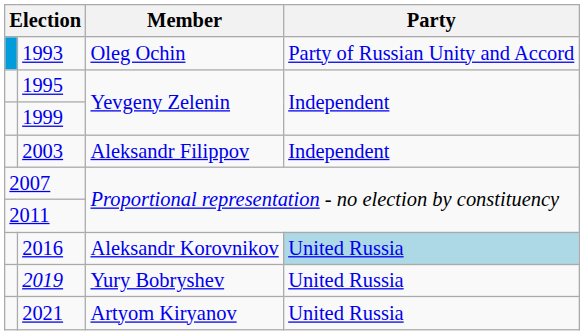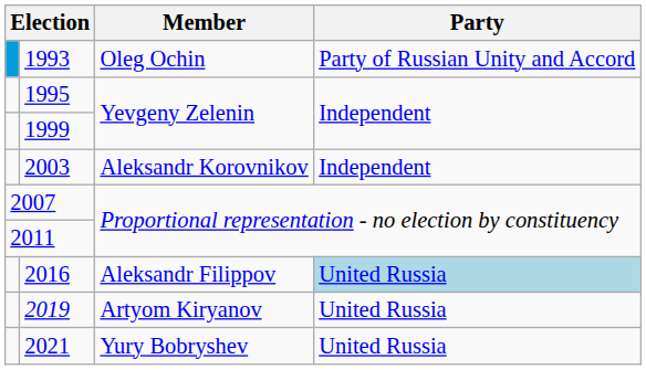 <table class="wikitable">
 <tr>
 <th colspan="2">Election</th>
 <th>Member</th>
 <th>Party</th>
 </tr>
 <tr>
 <td style="background-color:#019CDC"></td>
 <td><a href='#'>1993</a></td>
 <td><a href='#'>Oleg Ochin</a></td>
 <td><a href='#'>Party of Russian Unity and Accord</a></td>
 </tr>
 <tr>
 <td style="background-color:"></td>
 <td><a href='#'>1995</a></td>
 <td rowspan=2><a href='#'>Yevgeny Zelenin</a></td>
 <td rowspan=2><a href='#'>Independent</a></td>
 </tr>
 <tr>
 <td style="background-color:"></td>
 <td><a href='#'>1999</a></td>
 </tr>
 <tr>
 <td style="background-color:"></td>
 <td><a href='#'>2003</a></td>
-<td><a href='#'>Aleksandr Filippov</a></td>
+<td><a href='#'>Aleksandr Korovnikov</a></td>
 <td><a href='#'>Independent</a></td>
 </tr>
 <tr>
 <td colspan=2><a href='#'>2007</a></td>
 <td colspan=2 rowspan=2><em><a href='#'>Proportional representation</a> - no election by constituency</em></td>
 </tr>
 <tr>
 <td colspan=2><a href='#'>2011</a></td>
 </tr>
 <tr>
 <td style="background-color: "></td>
 <td><a href='#'>2016</a></td>
-<td><a href='#'>Aleksandr Korovnikov</a></td>
+<td><a href='#'>Aleksandr Filippov</a></td>
 <td style="background: lightblue;"><a href='#'>United Russia</a></td>
 </tr>
 <tr>
 <td style="background-color: "></td>
 <td><em><a href='#'>2019</a></em></td>
-<td><a href='#'>Yury Bobryshev</a></td>
+<td><a href='#'>Artyom Kiryanov</a></td>
 <td><a href='#'>United Russia</a></td>
 </tr>
 <tr>
 <td style="background-color: "></td>
 <td><a href='#'>2021</a></td>
-<td><a href='#'>Artyom Kiryanov</a></td>
+<td><a href='#'>Yury Bobryshev</a></td>
 <td><a href='#'>United Russia</a></td>
 </tr>
 </table>
